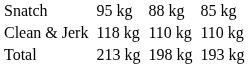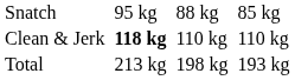 <table>
 <tr>
 <td>Snatch</td>
 <td></td>
 <td>95 kg</td>
 <td></td>
 <td>88 kg</td>
 <td></td>
 <td>85 kg</td>
 </tr>
 <tr>
 <td>Clean & Jerk</td>
 <td></td>
-<td>118 kg</td>
+<td><strong>118 kg</strong></td>
 <td></td>
 <td>110 kg</td>
 <td></td>
 <td>110 kg</td>
 </tr>
 <tr>
 <td>Total</td>
 <td></td>
 <td>213 kg</td>
 <td></td>
 <td>198 kg</td>
 <td></td>
 <td>193 kg</td>
 </tr>
 </table>
